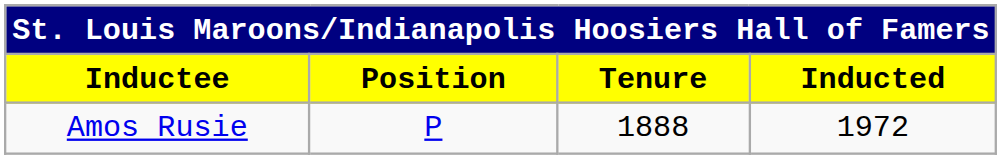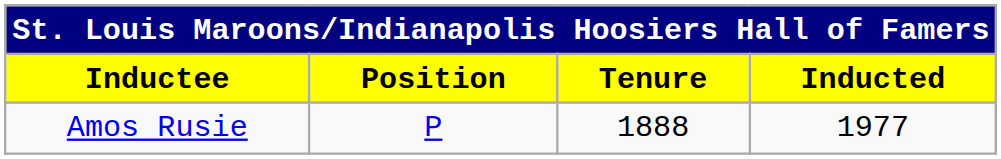 <table class="wikitable" style="text-align:center">
 <tr>
 <th colspan=4 style="background:navy; color:white;">St. Louis Maroons/Indianapolis Hoosiers Hall of Famers</th>
 </tr>
 <tr>
 <th style="background:yellow; color:black;">Inductee</th>
 <th style="background:yellow; color:black;">Position</th>
 <th style="background:yellow; color:black;">Tenure</th>
 <th style="background:yellow; color:black;">Inducted</th>
 </tr>
 <tr>
 <td><a href='#'>Amos Rusie</a></td>
 <td><a href='#'>P</a></td>
 <td>1888</td>
-<td>1972</td>
+<td>1977</td>
 </tr>
 </table>
